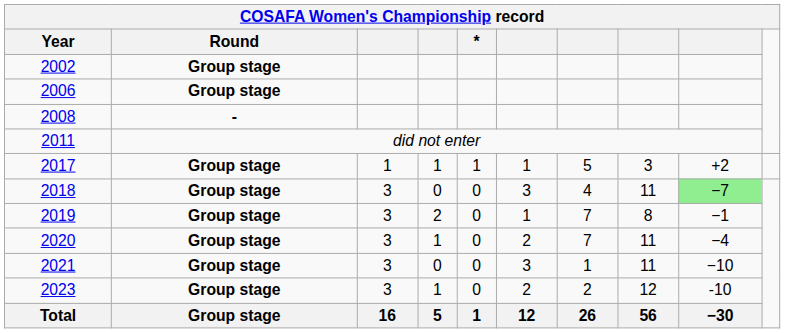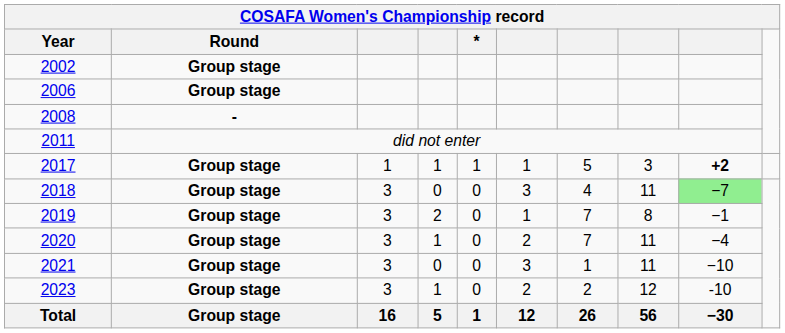 <table class="wikitable" style="text-align: center; width:50%;">
 <tr>
 <th colspan=10><a href='#'>COSAFA Women's Championship</a> record</th>
 </tr>
 <tr>
 <th>Year</th>
 <th>Round</th>
 <th></th>
 <th></th>
 <th>*</th>
 <th></th>
 <th></th>
 <th></th>
 <th></th>
 </tr>
 <tr>
 <td> <a href='#'>2002</a></td>
 <td><strong>Group stage</strong></td>
 <td></td>
 <td></td>
 <td></td>
 <td></td>
 <td></td>
 <td></td>
 <td></td>
 </tr>
 <tr>
 <td> <a href='#'>2006</a></td>
 <td><strong>Group stage</strong></td>
 <td></td>
 <td></td>
 <td></td>
 <td></td>
 <td></td>
 <td></td>
 <td></td>
 </tr>
 <tr>
 <td> <a href='#'>2008</a></td>
 <td><strong>-</strong></td>
 <td></td>
 <td></td>
 <td></td>
 <td></td>
 <td></td>
 <td></td>
 <td></td>
 </tr>
 <tr>
 <td> <a href='#'>2011</a></td>
 <td colspan =8><em>did not enter</em></td>
 </tr>
 <tr>
 <td> <a href='#'>2017</a></td>
 <td><strong>Group stage</strong></td>
 <td>1</td>
 <td>1</td>
 <td>1</td>
 <td>1</td>
 <td>5</td>
 <td>3</td>
-<td>+2</td>
+<td><strong>+2</strong></td>
 <td></td>
 </tr>
 <tr>
 <td> <a href='#'>2018</a></td>
 <td><strong>Group stage</strong></td>
 <td>3</td>
 <td>0</td>
 <td>0</td>
 <td>3</td>
 <td>4</td>
 <td>11</td>
 <td style="background: lightgreen;">−7</td>
 </tr>
 <tr>
 <td> <a href='#'>2019</a></td>
 <td><strong>Group stage</strong></td>
 <td>3</td>
 <td>2</td>
 <td>0</td>
 <td>1</td>
 <td>7</td>
 <td>8</td>
 <td>−1</td>
 </tr>
 <tr>
 <td> <a href='#'>2020</a></td>
 <td><strong>Group stage</strong></td>
 <td>3</td>
 <td>1</td>
 <td>0</td>
 <td>2</td>
 <td>7</td>
 <td>11</td>
 <td>−4</td>
 </tr>
 <tr>
 <td> <a href='#'>2021</a></td>
 <td><strong>Group stage</strong></td>
 <td>3</td>
 <td>0</td>
 <td>0</td>
 <td>3</td>
 <td>1</td>
 <td>11</td>
 <td>−10</td>
 </tr>
 <tr>
 <td> <a href='#'>2023</a></td>
 <td><strong>Group stage</strong></td>
 <td>3</td>
 <td>1</td>
 <td>0</td>
 <td>2</td>
 <td>2</td>
 <td>12</td>
 <td>-10</td>
 </tr>
 <tr>
 <th>Total</th>
 <th>Group stage</th>
 <th>16</th>
 <th>5</th>
 <th>1</th>
 <th>12</th>
 <th>26</th>
 <th>56</th>
 <th>−30</th>
 </tr>
 </table>
